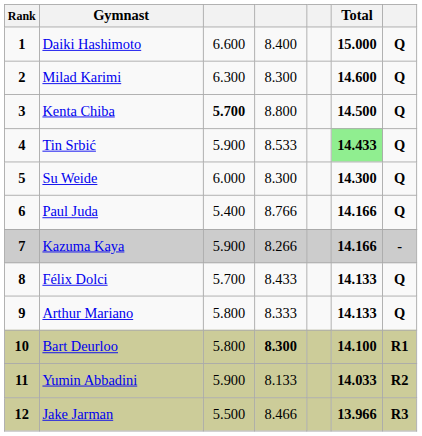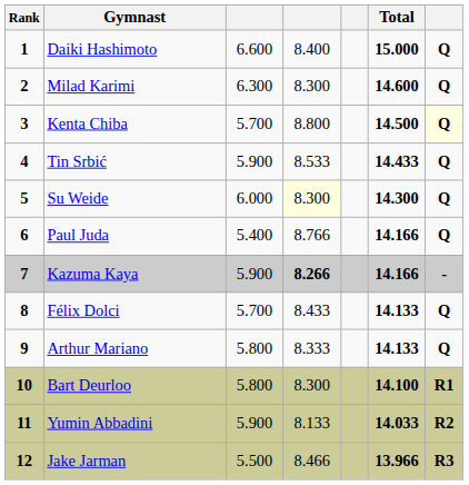 <table class="wikitable sortable" style="text-align:center;">
 <tr>
 <th scope="col" style="width:15px;"><small>Rank</small></th>
 <th scope="col" style="width:175px;">Gymnast</th>
 <th scope="col" style="width:50px;"><small></small></th>
 <th scope="col" style="width:50px;"><small></small></th>
 <th scope="col" style="width:20px;"><small></small></th>
 <th scope="col" style="width:50px;">Total</th>
 <th scope="col" style="width:30px;"><small></small></th>
 </tr>
 <tr>
 <td scope="row" style="text-align:center"><strong>1</strong></td>
 <td style="height:30px; text-align:left;"> <a href='#'>Daiki Hashimoto</a></td>
 <td>6.600</td>
 <td>8.400</td>
 <td></td>
 <td><strong>15.000</strong></td>
 <td><strong>Q</strong></td>
 </tr>
 <tr>
 <td scope="row" style="text-align:center"><strong>2</strong></td>
 <td style="height:30px; text-align:left;"> <a href='#'>Milad Karimi</a></td>
 <td>6.300</td>
 <td>8.300</td>
 <td></td>
 <td><strong>14.600</strong></td>
 <td><strong>Q</strong></td>
 </tr>
 <tr>
 <td scope="row" style="text-align:center"><strong>3</strong></td>
 <td style="height:30px; text-align:left;"> <a href='#'>Kenta Chiba</a></td>
-<td><strong>5.700</strong></td>
+<td>5.700</td>
 <td>8.800</td>
 <td></td>
 <td><strong>14.500</strong></td>
-<td><strong>Q</strong></td>
+<td style="background: lightyellow;"><strong>Q</strong></td>
 </tr>
 <tr>
 <td scope="row" style="text-align:center"><strong>4</strong></td>
 <td style="height:30px; text-align:left;"> <a href='#'>Tin Srbić</a></td>
 <td>5.900</td>
 <td>8.533</td>
 <td></td>
-<td style="background: lightgreen;"><strong>14.433</strong></td>
+<td><strong>14.433</strong></td>
 <td><strong>Q</strong></td>
 </tr>
 <tr>
 <td scope="row" style="text-align:center"><strong>5</strong></td>
 <td style="height:30px; text-align:left;"> <a href='#'>Su Weide</a></td>
 <td>6.000</td>
-<td>8.300</td>
+<td style="background: lightyellow;">8.300</td>
 <td></td>
 <td><strong>14.300</strong></td>
 <td><strong>Q</strong></td>
 </tr>
 <tr>
 <td scope="row" style="text-align:center"><strong>6</strong></td>
 <td style="height:30px; text-align:left;"> <a href='#'>Paul Juda</a></td>
 <td>5.400</td>
 <td>8.766</td>
 <td></td>
 <td><strong>14.166</strong></td>
 <td><strong>Q</strong></td>
 </tr>
 <tr>
 </tr>
 <tr style="background:#cccccc;">
 <td scope="row" style="text-align:center"><strong>7</strong></td>
 <td style="height:30px; text-align:left;"> <a href='#'>Kazuma Kaya</a></td>
 <td>5.900</td>
-<td>8.266</td>
+<td><strong>8.266</strong></td>
 <td></td>
 <td><strong>14.166</strong></td>
 <td><strong>-</strong></td>
 </tr>
 <tr>
 <td scope="row" style="text-align:center"><strong>8</strong></td>
 <td style="height:30px; text-align:left;"> <a href='#'>Félix Dolci</a></td>
 <td>5.700</td>
 <td>8.433</td>
 <td></td>
 <td><strong>14.133</strong></td>
 <td><strong>Q</strong></td>
 </tr>
 <tr>
 <td scope="row" style="text-align:center"><strong>9</strong></td>
 <td style="height:30px; text-align:left;"> <a href='#'>Arthur Mariano</a></td>
 <td>5.800</td>
 <td>8.333</td>
 <td></td>
 <td><strong>14.133</strong></td>
 <td><strong>Q</strong></td>
 </tr>
 <tr style="background:#cccc99;">
 <td scope="row" style="text-align:center"><strong>10</strong></td>
 <td style="height:30px; text-align:left;"> <a href='#'>Bart Deurloo</a></td>
 <td>5.800</td>
-<td><strong>8.300</strong></td>
+<td>8.300</td>
 <td></td>
 <td><strong>14.100</strong></td>
 <td><strong>R1</strong></td>
 </tr>
 <tr style="background:#cccc99;">
 <td scope="row" style="text-align:center"><strong>11</strong></td>
 <td style="height:30px; text-align:left;"> <a href='#'>Yumin Abbadini</a></td>
 <td>5.900</td>
 <td>8.133</td>
 <td></td>
 <td><strong>14.033</strong></td>
 <td><strong>R2</strong></td>
 </tr>
 <tr style="background:#cccc99;">
 <td scope="row" style="text-align:center"><strong>12</strong></td>
 <td style="height:30px; text-align:left;"> <a href='#'>Jake Jarman</a></td>
 <td>5.500</td>
 <td>8.466</td>
 <td></td>
 <td><strong>13.966</strong></td>
 <td><strong>R3</strong></td>
 </tr>
 </table>
